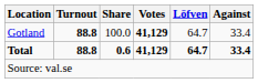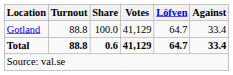 <table class="wikitable sortable" style=text-align:right>
 <tr>
 <th>Location</th>
 <th>Turnout</th>
 <th>Share</th>
 <th>Votes</th>
 <th><a href='#'>Löfven</a></th>
 <th>Against</th>
 </tr>
 <tr>
 <td align=left><a href='#'>Gotland</a></td>
-<td><strong>88.8</strong></td>
+<td>88.8</td>
 <td>100.0</td>
-<td><strong>41,129</strong></td>
+<td>41,129</td>
 <td>64.7</td>
 <td>33.4</td>
 </tr>
 <tr>
 <td align=left><strong>Total</strong></td>
 <td><strong>88.8</strong></td>
 <td><strong>0.6</strong></td>
 <td><strong>41,129</strong></td>
 <td><strong>64.7</strong></td>
 <td><strong>33.4</strong></td>
 </tr>
 <tr>
 <td align=left colspan=6>Source: val.se</td>
 </tr>
 </table>
